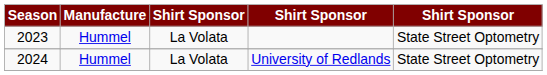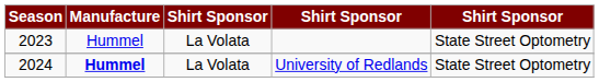 <table class="wikitable" style="text-align: center;">
 <tr>
 <th style="background-color:maroon; color:white; border:3px ##;" scope="col">Season</th>
 <th style="background-color:maroon; color:white; border:3px ##;" scope="col">Manufacture</th>
 <th style="background-color:maroon; color:white; border:3px ##;" scope="col">Shirt Sponsor </th>
 <th style="background-color:maroon; color:white; border:3px ##;" scope="col">Shirt Sponsor </th>
 <th style="background-color:maroon; color:white; border:3px ##;" scope="col">Shirt Sponsor </th>
 </tr>
 <tr>
 <td>2023</td>
 <td><a href='#'>Hummel</a></td>
 <td>La Volata</td>
 <td></td>
 <td>State Street Optometry</td>
 </tr>
 <tr>
 </tr>
 <tr>
 <td>2024</td>
-<td><a href='#'>Hummel</a></td>
+<td><strong><a href='#'>Hummel</a></strong></td>
 <td>La Volata</td>
 <td><a href='#'>University of Redlands</a></td>
 <td>State Street Optometry</td>
 </tr>
 <tr>
 </tr>
 </table>
